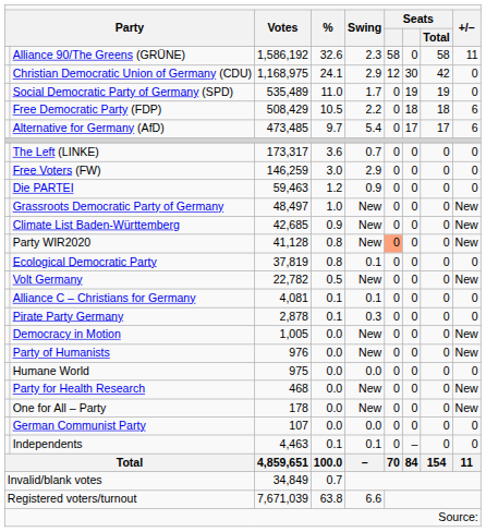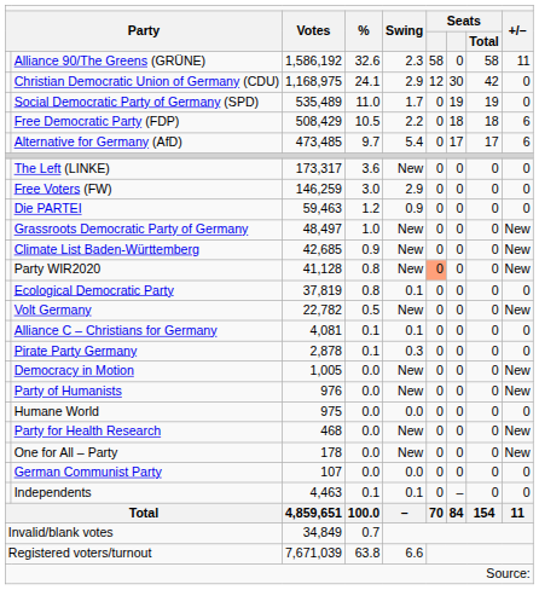 <table class="wikitable" style="text-align:right">
 <tr>
 <td colspan="9" align="center"></td>
 </tr>
 <tr>
 <th colspan="2" rowspan="2">Party</th>
 <th rowspan="2">Votes</th>
 <th rowspan="2">%</th>
 <th rowspan="2">Swing</th>
 <th colspan="3">Seats</th>
 <th rowspan="2">+/–</th>
 </tr>
 <tr>
 <th></th>
 <th></th>
 <th>Total</th>
 </tr>
 <tr>
 <td></td>
 <td align="left"><a href='#'>Alliance 90/The Greens</a> (GRÜNE)</td>
 <td>1,586,192</td>
 <td>32.6</td>
 <td> 2.3</td>
 <td>58</td>
 <td>0</td>
 <td>58</td>
 <td> 11</td>
 </tr>
 <tr>
 <td></td>
 <td align="left"><a href='#'>Christian Democratic Union of Germany</a> (CDU)</td>
 <td>1,168,975</td>
 <td>24.1</td>
 <td> 2.9</td>
 <td>12</td>
 <td>30</td>
 <td>42</td>
 <td> 0</td>
 </tr>
 <tr>
 <td></td>
 <td align="left"><a href='#'>Social Democratic Party of Germany</a> (SPD)</td>
 <td>535,489</td>
 <td>11.0</td>
 <td> 1.7</td>
 <td>0</td>
 <td>19</td>
 <td>19</td>
 <td> 0</td>
 </tr>
 <tr>
 <td></td>
 <td align="left"><a href='#'>Free Democratic Party</a> (FDP)</td>
 <td>508,429</td>
 <td>10.5</td>
 <td> 2.2</td>
 <td>0</td>
 <td>18</td>
 <td>18</td>
 <td> 6</td>
 </tr>
 <tr>
 <td></td>
 <td align="left"><a href='#'>Alternative for Germany</a> (AfD)</td>
 <td>473,485</td>
 <td>9.7</td>
 <td> 5.4</td>
 <td>0</td>
 <td>17</td>
 <td>17</td>
 <td> 6</td>
 </tr>
 <tr>
 <td colspan="9" bgcolor="lightgrey"></td>
 </tr>
 <tr>
 <td></td>
 <td align="left"><a href='#'>The Left</a> (LINKE)</td>
 <td>173,317</td>
 <td>3.6</td>
-<td> 0.7</td>
+<td>New</td>
 <td>0</td>
 <td>0</td>
 <td>0</td>
 <td> 0</td>
 </tr>
 <tr>
 <td></td>
 <td align="left"><a href='#'>Free Voters</a> (FW)</td>
 <td>146,259</td>
 <td>3.0</td>
 <td> 2.9</td>
 <td>0</td>
 <td>0</td>
 <td>0</td>
 <td> 0</td>
 </tr>
 <tr>
 <td></td>
 <td align="left"><a href='#'>Die PARTEI</a></td>
 <td>59,463</td>
 <td>1.2</td>
 <td> 0.9</td>
 <td>0</td>
 <td>0</td>
 <td>0</td>
 <td> 0</td>
 </tr>
 <tr>
 <td></td>
 <td align="left"><a href='#'>Grassroots Democratic Party of Germany</a></td>
 <td>48,497</td>
 <td>1.0</td>
 <td>New</td>
 <td>0</td>
 <td>0</td>
 <td>0</td>
 <td>New</td>
 </tr>
 <tr>
 <td></td>
 <td align="left"><a href='#'>Climate List Baden-Württemberg</a></td>
 <td>42,685</td>
 <td>0.9</td>
 <td>New</td>
 <td>0</td>
 <td>0</td>
 <td>0</td>
 <td>New</td>
 </tr>
 <tr>
 <td></td>
 <td align="left">Party WIR2020</td>
 <td>41,128</td>
 <td>0.8</td>
 <td>New</td>
 <td style="background: lightsalmon;">0</td>
 <td>0</td>
 <td>0</td>
 <td>New</td>
 </tr>
 <tr>
 <td></td>
 <td align="left"><a href='#'>Ecological Democratic Party</a></td>
 <td>37,819</td>
 <td>0.8</td>
 <td> 0.1</td>
 <td>0</td>
 <td>0</td>
 <td>0</td>
 <td> 0</td>
 </tr>
 <tr>
 <td></td>
 <td align="left"><a href='#'>Volt Germany</a></td>
 <td>22,782</td>
 <td>0.5</td>
 <td>New</td>
 <td>0</td>
 <td>0</td>
 <td>0</td>
 <td>New</td>
 </tr>
 <tr>
 <td></td>
 <td align="left"><a href='#'>Alliance C – Christians for Germany</a></td>
 <td>4,081</td>
 <td>0.1</td>
 <td> 0.1</td>
 <td>0</td>
 <td>0</td>
 <td>0</td>
 <td> 0</td>
 </tr>
 <tr>
 <td></td>
 <td align="left"><a href='#'>Pirate Party Germany</a></td>
 <td>2,878</td>
 <td>0.1</td>
 <td> 0.3</td>
 <td>0</td>
 <td>0</td>
 <td>0</td>
 <td> 0</td>
 </tr>
 <tr>
 <td></td>
 <td align="left"><a href='#'>Democracy in Motion</a></td>
 <td>1,005</td>
 <td>0.0</td>
 <td>New</td>
 <td>0</td>
 <td>0</td>
 <td>0</td>
 <td>New</td>
 </tr>
 <tr>
 <td></td>
 <td align="left"><a href='#'>Party of Humanists</a></td>
 <td>976</td>
 <td>0.0</td>
 <td>New</td>
 <td>0</td>
 <td>0</td>
 <td>0</td>
 <td>New</td>
 </tr>
 <tr>
 <td></td>
 <td align="left">Humane World</td>
 <td>975</td>
 <td>0.0</td>
 <td> 0.0</td>
 <td>0</td>
 <td>0</td>
 <td>0</td>
 <td> 0</td>
 </tr>
 <tr>
 <td></td>
 <td align="left"><a href='#'>Party for Health Research</a></td>
 <td>468</td>
 <td>0.0</td>
 <td>New</td>
 <td>0</td>
 <td>0</td>
 <td>0</td>
 <td>New</td>
 </tr>
 <tr>
 <td></td>
 <td align="left">One for All – Party</td>
 <td>178</td>
 <td>0.0</td>
 <td>New</td>
 <td>0</td>
 <td>0</td>
 <td>0</td>
 <td>New</td>
 </tr>
 <tr>
 <td></td>
 <td align="left"><a href='#'>German Communist Party</a></td>
 <td>107</td>
 <td>0.0</td>
 <td> 0.0</td>
 <td>0</td>
 <td>0</td>
 <td>0</td>
 <td> 0</td>
 </tr>
 <tr>
 <td></td>
 <td align="left">Independents</td>
 <td>4,463</td>
 <td>0.1</td>
 <td> 0.1</td>
 <td>0</td>
 <td>–</td>
 <td>0</td>
 <td> 0</td>
 </tr>
 <tr>
 <th colspan="2">Total</th>
 <th>4,859,651</th>
 <th>100.0</th>
 <th>–</th>
 <th>70</th>
 <th>84</th>
 <th>154</th>
 <th> 11</th>
 </tr>
 <tr>
 <td colspan="2" align="left">Invalid/blank votes</td>
 <td>34,849</td>
 <td>0.7</td>
 <td colspan="5"></td>
 </tr>
 <tr>
 <td colspan="2" align="left">Registered voters/turnout</td>
 <td>7,671,039</td>
 <td>63.8</td>
 <td> 6.6</td>
 <td colspan="4"></td>
 </tr>
 <tr>
 <td colspan="9">Source: </td>
 </tr>
 </table>
